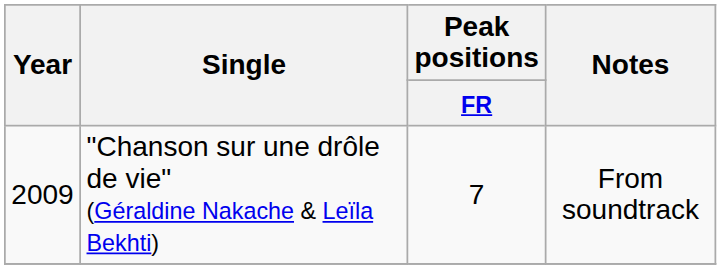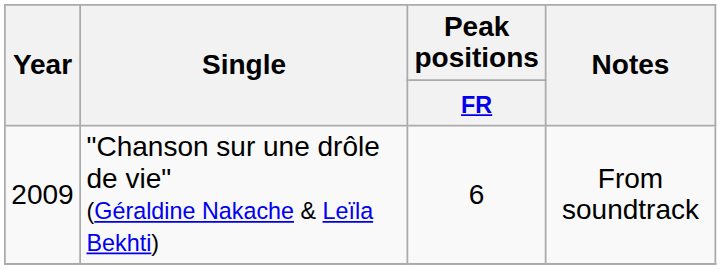 <table class="wikitable">
 <tr>
 <th align="center" rowspan="2" width="10">Year</th>
 <th align="center" rowspan="2" width="180">Single</th>
 <th align="center" colspan="1">Peak positions</th>
 <th align="center" rowspan="2" width="90">Notes</th>
 </tr>
 <tr>
 <th width="20"><small><a href='#'>FR</a></small><br></th>
 </tr>
 <tr>
 <td align="center" rowspan="1">2009</td>
 <td>"Chanson sur une drôle de vie" <br><small>(<a href='#'>Géraldine Nakache</a> & <a href='#'>Leïla Bekhti</a>)</small></td>
-<td align="center">7</td>
+<td align="center">6</td>
 <td align="center" rowspan="1">From soundtrack</td>
 </tr>
 <tr>
 </tr>
 </table>
